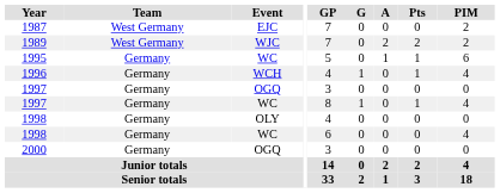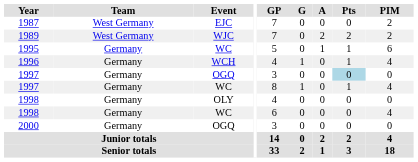 <table border="0" cellpadding="1" cellspacing="0" ID="Table3" style="text-align:center; width:40em">
 <tr bgcolor="#e0e0e0">
 <th>Year</th>
 <th>Team</th>
 <th>Event</th>
 <th rowspan="102" bgcolor="#ffffff"></th>
 <th>GP</th>
 <th>G</th>
 <th>A</th>
 <th>Pts</th>
 <th>PIM</th>
 </tr>
 <tr>
 <td><a href='#'>1987</a></td>
 <td><a href='#'>West Germany</a></td>
 <td><a href='#'>EJC</a></td>
 <td>7</td>
 <td>0</td>
 <td>0</td>
 <td>0</td>
 <td>2</td>
 </tr>
 <tr bgcolor="#f0f0f0">
 <td><a href='#'>1989</a></td>
 <td><a href='#'>West Germany</a></td>
 <td><a href='#'>WJC</a></td>
 <td>7</td>
 <td>0</td>
 <td>2</td>
 <td>2</td>
 <td>2</td>
 </tr>
 <tr>
 <td><a href='#'>1995</a></td>
 <td><a href='#'>Germany</a></td>
 <td><a href='#'>WC</a></td>
 <td>5</td>
 <td>0</td>
 <td>1</td>
 <td>1</td>
 <td>6</td>
 </tr>
 <tr bgcolor="#f0f0f0">
 <td><a href='#'>1996</a></td>
 <td>Germany</td>
 <td><a href='#'>WCH</a></td>
 <td>4</td>
 <td>1</td>
 <td>0</td>
 <td>1</td>
 <td>4</td>
 </tr>
 <tr>
 <td><a href='#'>1997</a></td>
 <td>Germany</td>
 <td><a href='#'>OGQ</a></td>
 <td>3</td>
 <td>0</td>
 <td>0</td>
-<td>0</td>
+<td style="background: lightblue;">0</td>
 <td>0</td>
 </tr>
 <tr bgcolor="#f0f0f0">
 <td><a href='#'>1997</a></td>
 <td>Germany</td>
 <td>WC</td>
 <td>8</td>
 <td>1</td>
 <td>0</td>
 <td>1</td>
 <td>4</td>
 </tr>
 <tr>
 <td><a href='#'>1998</a></td>
 <td>Germany</td>
 <td>OLY</td>
 <td>4</td>
 <td>0</td>
 <td>0</td>
 <td>0</td>
 <td>0</td>
 </tr>
 <tr bgcolor="#f0f0f0">
 <td><a href='#'>1998</a></td>
 <td>Germany</td>
 <td>WC</td>
 <td>6</td>
 <td>0</td>
 <td>0</td>
 <td>0</td>
 <td>4</td>
 </tr>
 <tr>
 <td><a href='#'>2000</a></td>
 <td>Germany</td>
 <td>OGQ</td>
 <td>3</td>
 <td>0</td>
 <td>0</td>
 <td>0</td>
 <td>0</td>
 </tr>
 <tr bgcolor="#e0e0e0">
 <th colspan="3">Junior totals</th>
 <th>14</th>
 <th>0</th>
 <th>2</th>
 <th>2</th>
 <th>4</th>
 </tr>
 <tr bgcolor="#e0e0e0">
 <th colspan="3">Senior totals</th>
 <th>33</th>
 <th>2</th>
 <th>1</th>
 <th>3</th>
 <th>18</th>
 </tr>
 </table>
